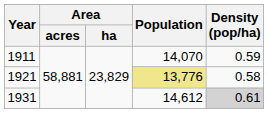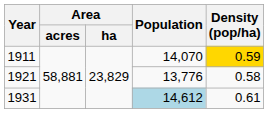 <table class="wikitable">
 <tr>
 <th rowspan="2">Year</th>
 <th colspan="2">Area</th>
 <th rowspan="2">Population<br></th>
 <th rowspan="2">Density<br>(pop/ha)</th>
 </tr>
 <tr>
 <th>acres</th>
 <th>ha</th>
 </tr>
 <tr>
 <td>1911</td>
 <td style="text-align:right;" rowspan="3">58,881</td>
 <td style="text-align:right;" rowspan="3">23,829</td>
 <td style="text-align:right;">14,070</td>
-<td style="text-align:right;">0.59</td>
+<td style="background: gold; text-align:right;">0.59</td>
 </tr>
 <tr>
 <td>1921</td>
-<td style="background: khaki; text-align:right;">13,776</td>
+<td style="text-align:right;">13,776</td>
 <td style="text-align:right;">0.58</td>
 </tr>
 <tr>
 <td>1931</td>
-<td style="text-align:right;">14,612</td>
-<td style="background: lightgrey; text-align:right;">0.61</td>
+<td style="background: lightblue; text-align:right;">14,612</td>
+<td style="text-align:right;">0.61</td>
 </tr>
 </table>
